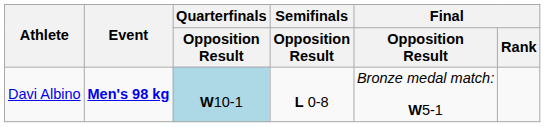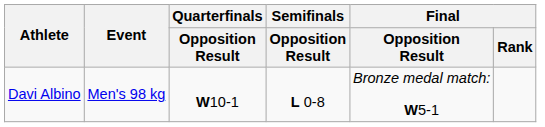 <table class="wikitable" style="font-size:90%">
 <tr>
 <th rowspan=2>Athlete</th>
 <th rowspan=2>Event</th>
 <th>Quarterfinals</th>
 <th>Semifinals</th>
 <th colspan=2>Final</th>
 </tr>
 <tr>
 <th>Opposition<br>Result</th>
 <th>Opposition<br>Result</th>
 <th>Opposition<br>Result</th>
 <th>Rank</th>
 </tr>
 <tr align=center>
 <td align=left><a href='#'>Davi Albino</a></td>
-<td align=left><strong><a href='#'>Men's 98 kg</a></strong></td>
-<td style="background: lightblue;"><br> <strong>W</strong>10-1</td>
+<td align=left><a href='#'>Men's 98 kg</a></td>
+<td><br> <strong>W</strong>10-1</td>
 <td><br> <strong>L</strong> 0-8</td>
 <td><em>Bronze medal match:</em><br><br> <strong>W</strong>5-1</td>
 <td></td>
 </tr>
 </table>
